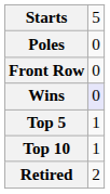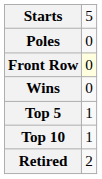 <table class="wikitable" style="text-align:center">
 <tr>
 <th>Starts</th>
 <td>5</td>
 </tr>
 <tr>
 <th>Poles</th>
 <td>0</td>
 </tr>
 <tr>
 <th>Front Row</th>
-<td>0</td>
+<td style="background: lightyellow;">0</td>
 </tr>
 <tr>
 <th>Wins</th>
-<td style="background: lavender;">0</td>
+<td>0</td>
 </tr>
 <tr>
 <th>Top 5</th>
 <td>1</td>
 </tr>
 <tr>
 <th>Top 10</th>
 <td>1</td>
 </tr>
 <tr>
 <th>Retired</th>
 <td>2</td>
 </tr>
 </table>
